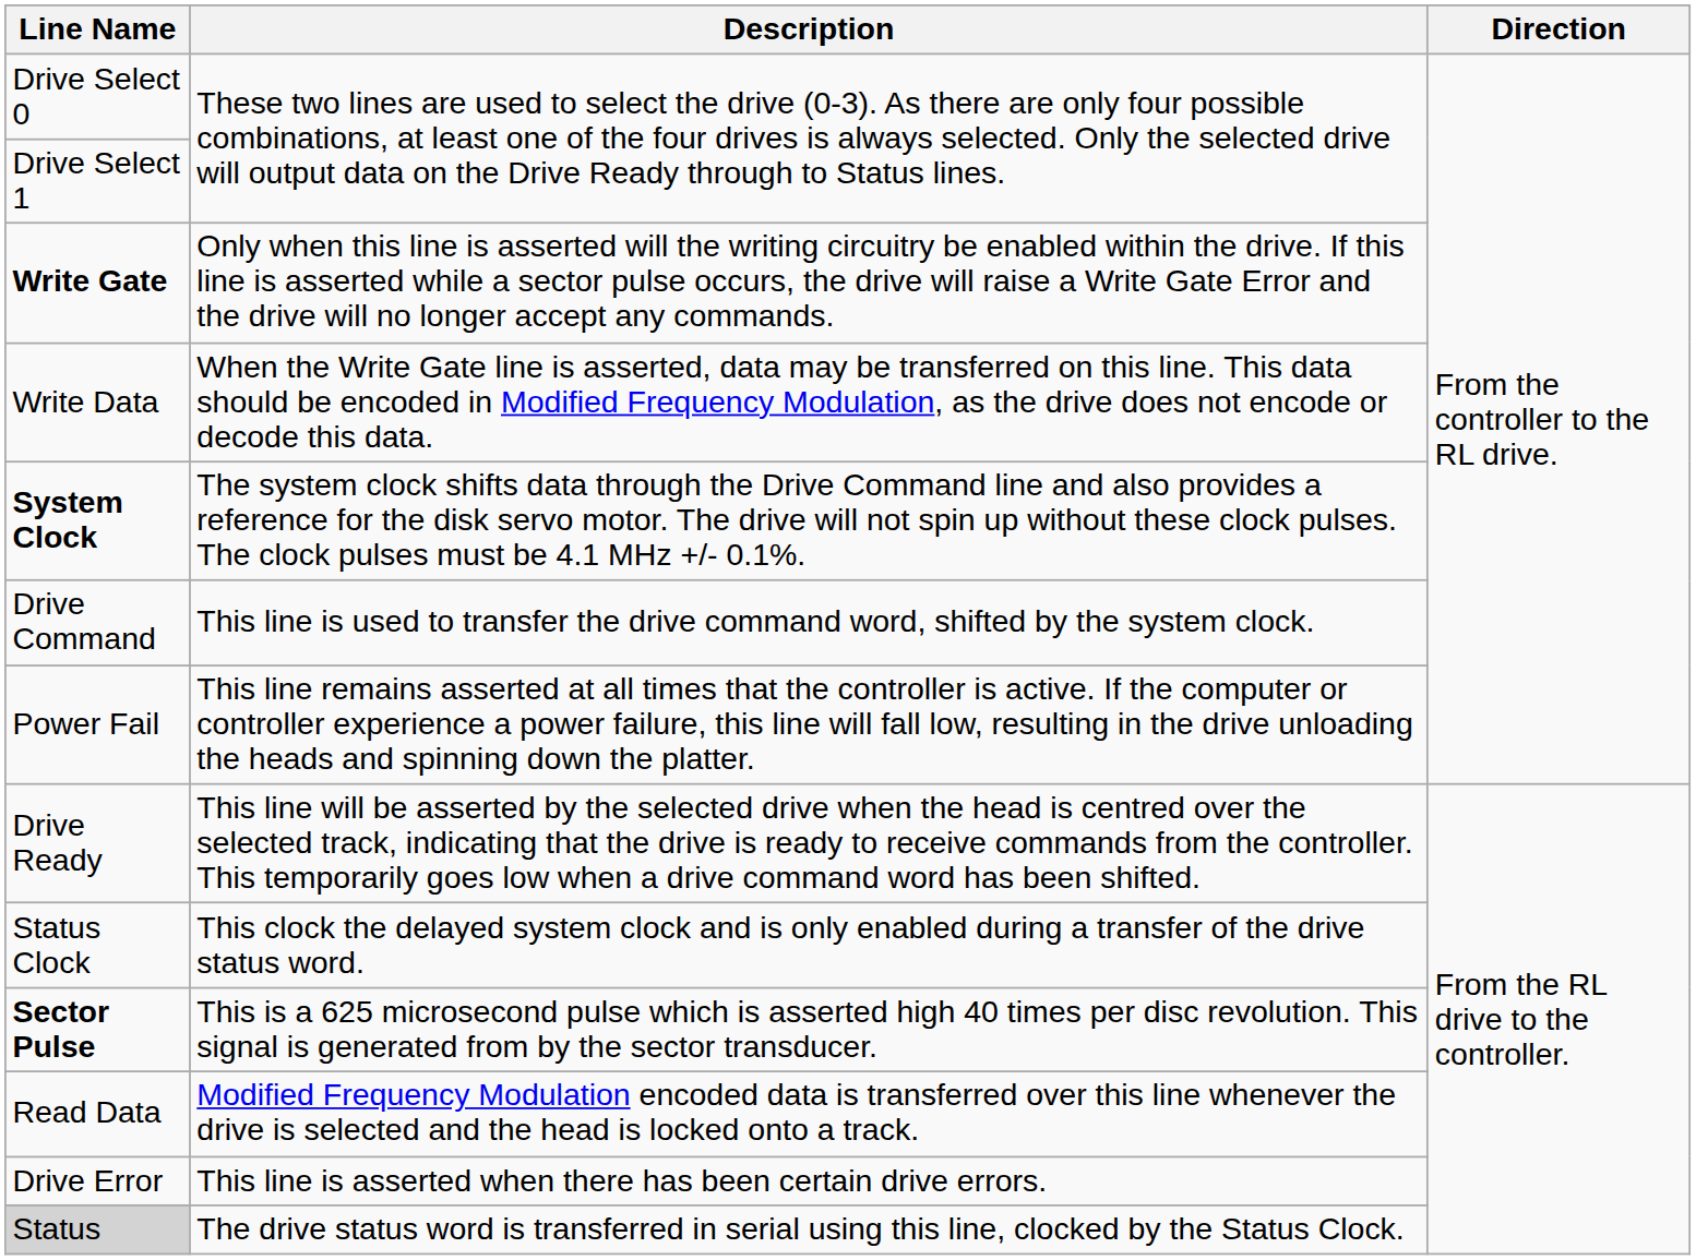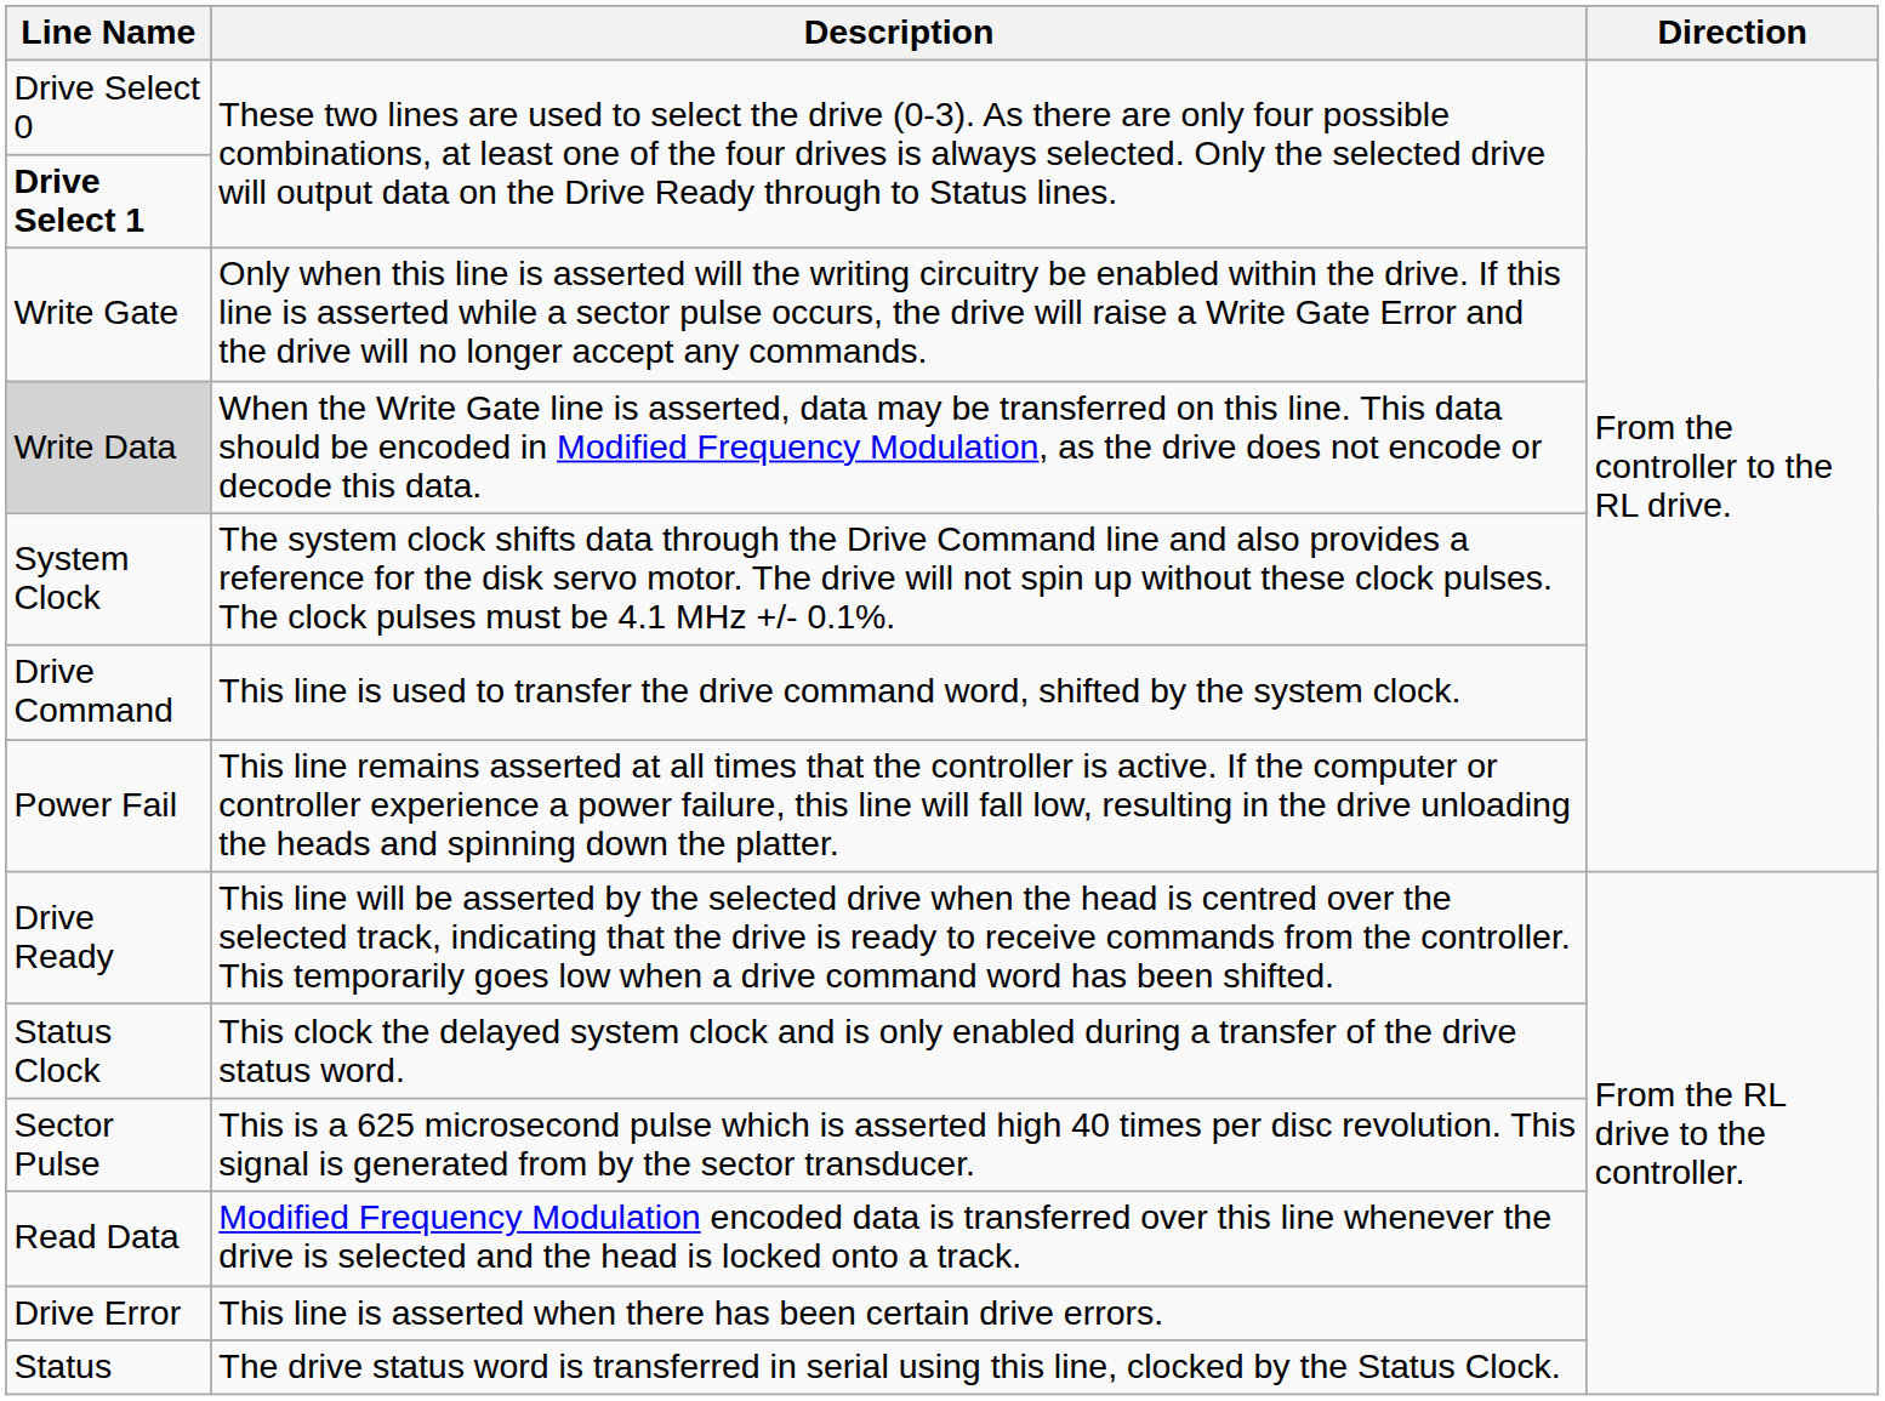 <table class="wikitable">
 <tr>
 <th>Line Name</th>
 <th>Description</th>
 <th>Direction</th>
 </tr>
 <tr>
 <td>Drive Select 0</td>
 <td rowspan="2">These two lines are used to select the drive (0-3). As there are only four possible combinations, at least one of the four drives is always selected. Only the selected drive will output data on the Drive Ready through to Status lines.</td>
 <td rowspan="7">From the controller to the RL drive.</td>
 </tr>
 <tr>
-<td>Drive Select 1</td>
+<td><strong>Drive Select 1</strong></td>
 </tr>
 <tr>
-<td><strong>Write Gate</strong></td>
+<td>Write Gate</td>
 <td>Only when this line is asserted will the writing circuitry be enabled within the drive. If this line is asserted while a sector pulse occurs, the drive will raise a Write Gate Error and the drive will no longer accept any commands.</td>
 </tr>
 <tr>
-<td>Write Data</td>
+<td style="background: lightgrey;">Write Data</td>
 <td>When the Write Gate line is asserted, data may be transferred on this line. This data should be encoded in <a href='#'>Modified Frequency Modulation</a>, as the drive does not encode or decode this data.</td>
 </tr>
 <tr>
-<td><strong>System Clock</strong></td>
+<td>System Clock</td>
 <td>The system clock shifts data through the Drive Command line and also provides a reference for the disk servo motor. The drive will not spin up without these clock pulses. The clock pulses must be 4.1 MHz +/- 0.1%.</td>
 </tr>
 <tr>
 <td>Drive Command</td>
 <td>This line is used to transfer the drive command word, shifted by the system clock.</td>
 </tr>
 <tr>
 <td>Power Fail</td>
 <td>This line remains asserted at all times that the controller is active. If the computer or controller experience a power failure, this line will fall low, resulting in the drive unloading the heads and spinning down the platter.</td>
 </tr>
 <tr>
 <td>Drive Ready</td>
 <td>This line will be asserted by the selected drive when the head is centred over the selected track, indicating that the drive is ready to receive commands from the controller. This temporarily goes low when a drive command word has been shifted.</td>
 <td rowspan="6">From the RL drive to the controller.</td>
 </tr>
 <tr>
 <td>Status Clock</td>
 <td>This clock the delayed system clock and is only enabled during a transfer of the drive status word.</td>
 </tr>
 <tr>
-<td><strong>Sector Pulse</strong></td>
+<td>Sector Pulse</td>
 <td>This is a 625 microsecond pulse which is asserted high 40 times per disc revolution. This signal is generated from by the sector transducer.</td>
 </tr>
 <tr>
 <td>Read Data</td>
 <td><a href='#'>Modified Frequency Modulation</a> encoded data is transferred over this line whenever the drive is selected and the head is locked onto a track.</td>
 </tr>
 <tr>
 <td>Drive Error</td>
 <td>This line is asserted when there has been certain drive errors.</td>
 </tr>
 <tr>
-<td style="background: lightgrey;">Status</td>
+<td>Status</td>
 <td>The drive status word is transferred in serial using this line, clocked by the Status Clock.</td>
 </tr>
 </table>
